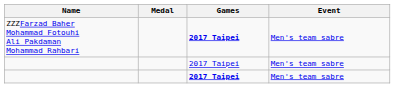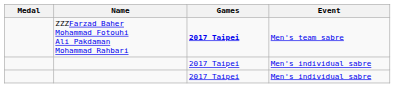 <table class="wikitable sortable" style="font-size:90%">
 <tr>
+<th width="70">Medal</th>
 <th width="200">Name</th>
-<th width="70">Medal</th>
 <th width="120">Games</th>
 <th width="180">Event</th>
 </tr>
 <tr>
+<td></td>
 <td><span>ZZZ</span><a href='#'>Farzad Baher</a><br><a href='#'>Mohammad Fotouhi</a><br><a href='#'>Ali Pakdaman</a><br><a href='#'>Mohammad Rahbari</a></td>
-<td></td>
 <td><strong><a href='#'>2017 Taipei</a></strong></td>
 <td><a href='#'>Men's team sabre</a></td>
 </tr>
 <tr>
 <td></td>
 <td></td>
 <td><a href='#'>2017 Taipei</a></td>
-<td><a href='#'>Men's team sabre</a></td>
+<td><a href='#'>Men's individual sabre</a></td>
 </tr>
 <tr>
 <td></td>
 <td></td>
-<td><strong><a href='#'>2017 Taipei</a></strong></td>
-<td><a href='#'>Men's team sabre</a></td>
+<td><a href='#'>2017 Taipei</a></td>
+<td><a href='#'>Men's individual sabre</a></td>
 </tr>
 </table>
